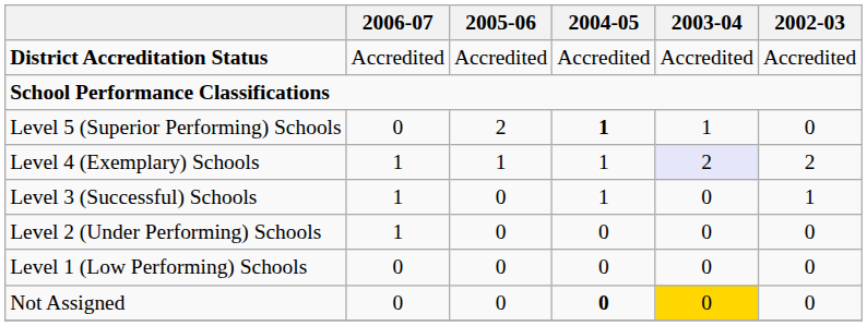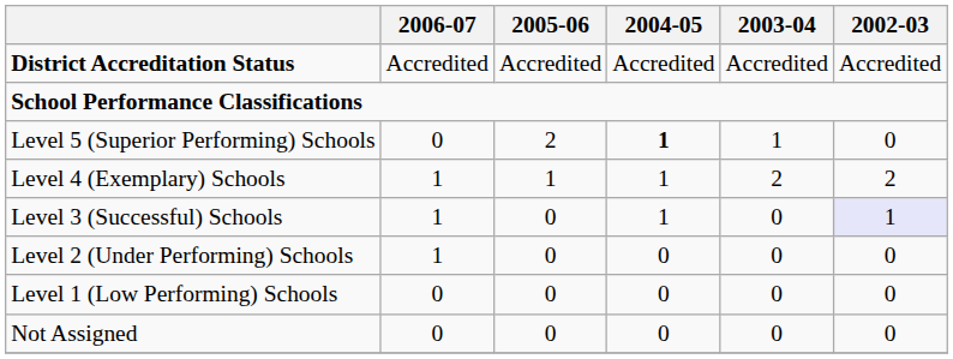 <table class="wikitable" style="font-size: 95%;">
 <tr>
 <th></th>
 <th>2006-07</th>
 <th>2005-06</th>
 <th>2004-05</th>
 <th>2003-04</th>
 <th>2002-03</th>
 </tr>
 <tr>
 <td align="left"><strong>District Accreditation Status</strong></td>
 <td align="center">Accredited</td>
 <td align="center">Accredited</td>
 <td align="center">Accredited</td>
 <td align="center">Accredited</td>
 <td align="center">Accredited</td>
 </tr>
 <tr>
 <td align="left" colspan="6"><strong>School Performance Classifications</strong></td>
 </tr>
 <tr>
 <td align="left">Level 5 (Superior Performing) Schools</td>
 <td align="center">0</td>
 <td align="center">2</td>
 <td align="center"><strong>1</strong></td>
 <td align="center">1</td>
 <td align="center">0</td>
 </tr>
 <tr>
 <td align="left">Level 4 (Exemplary) Schools</td>
 <td align="center">1</td>
 <td align="center">1</td>
 <td align="center">1</td>
-<td align="center" style="background: lavender;">2</td>
+<td align="center">2</td>
 <td align="center">2</td>
 </tr>
 <tr>
 <td align="left">Level 3 (Successful) Schools</td>
 <td align="center">1</td>
 <td align="center">0</td>
 <td align="center">1</td>
 <td align="center">0</td>
-<td align="center">1</td>
+<td align="center" style="background: lavender;">1</td>
 </tr>
 <tr>
 <td align="left">Level 2 (Under Performing) Schools</td>
 <td align="center">1</td>
 <td align="center">0</td>
 <td align="center">0</td>
 <td align="center">0</td>
 <td align="center">0</td>
 </tr>
 <tr>
 <td align="left">Level 1 (Low Performing) Schools</td>
 <td align="center">0</td>
 <td align="center">0</td>
 <td align="center">0</td>
 <td align="center">0</td>
 <td align="center">0</td>
 </tr>
 <tr>
 <td align="left">Not Assigned</td>
 <td align="center">0</td>
 <td align="center">0</td>
-<td align="center"><strong>0</strong></td>
-<td align="center" style="background: gold;">0</td>
+<td align="center">0</td>
+<td align="center">0</td>
 <td align="center">0</td>
 </tr>
 <tr>
 </tr>
 </table>
